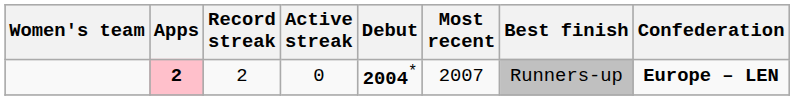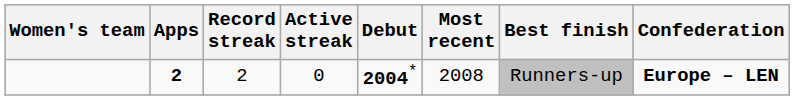 <table class="wikitable" style="text-align: center; font-size: 90%; margin-left: 1em;">
 <tr>
 <th>Women's team</th>
 <th>Apps</th>
 <th>Record<br>streak</th>
 <th>Active<br>streak</th>
 <th>Debut</th>
 <th>Most<br>recent</th>
 <th>Best finish</th>
 <th>Confederation</th>
 </tr>
 <tr>
 <td style="text-align: left;"></td>
-<td style="background: pink;"><strong>2</strong></td>
+<td><strong>2</strong></td>
 <td>2</td>
 <td>0</td>
 <td><strong>2004</strong><sup>*</sup></td>
-<td>2007</td>
+<td>2008</td>
 <td style="background-color: silver;">Runners-up</td>
 <td><strong>Europe – LEN</strong></td>
 </tr>
 </table>
